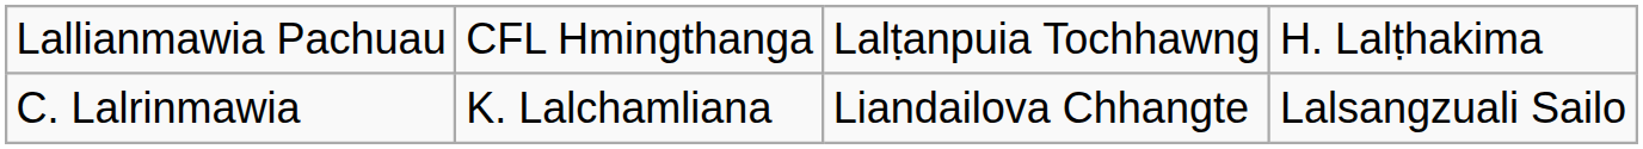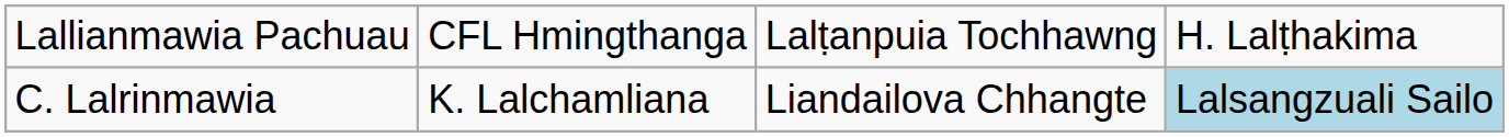 <table class="wikitable">
 <tr>
 <td>Lallianmawia Pachuau</td>
 <td>CFL Hmingthanga</td>
 <td>Lalṭanpuia Tochhawng</td>
 <td>H. Lalṭhakima</td>
 </tr>
 <tr>
 <td>C. Lalrinmawia</td>
 <td>K. Lalchamliana</td>
 <td>Liandailova Chhangte</td>
-<td>Lalsangzuali Sailo</td>
+<td style="background: lightblue;">Lalsangzuali Sailo</td>
 </tr>
 </table>
